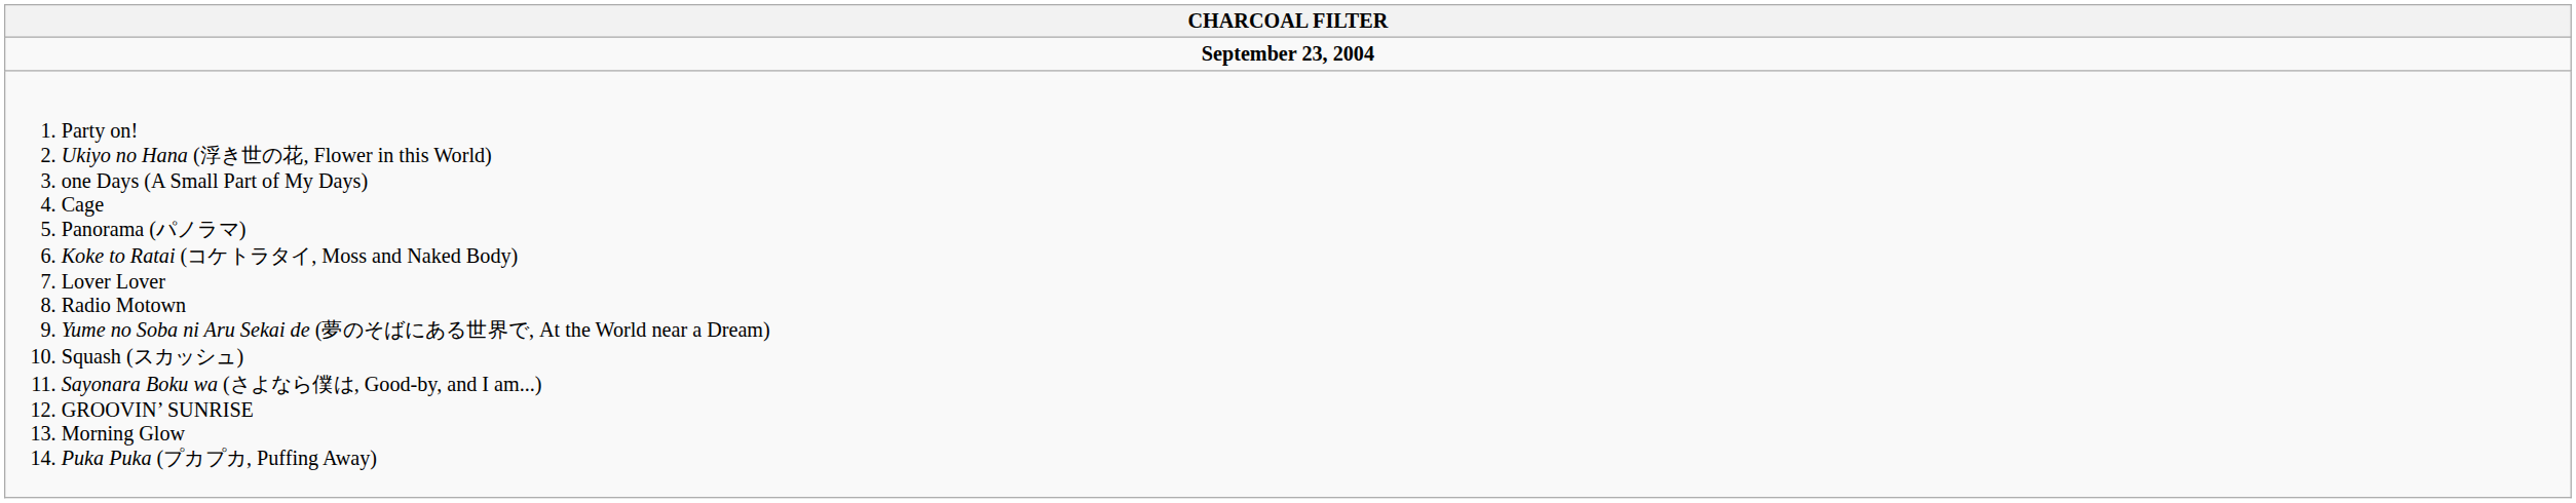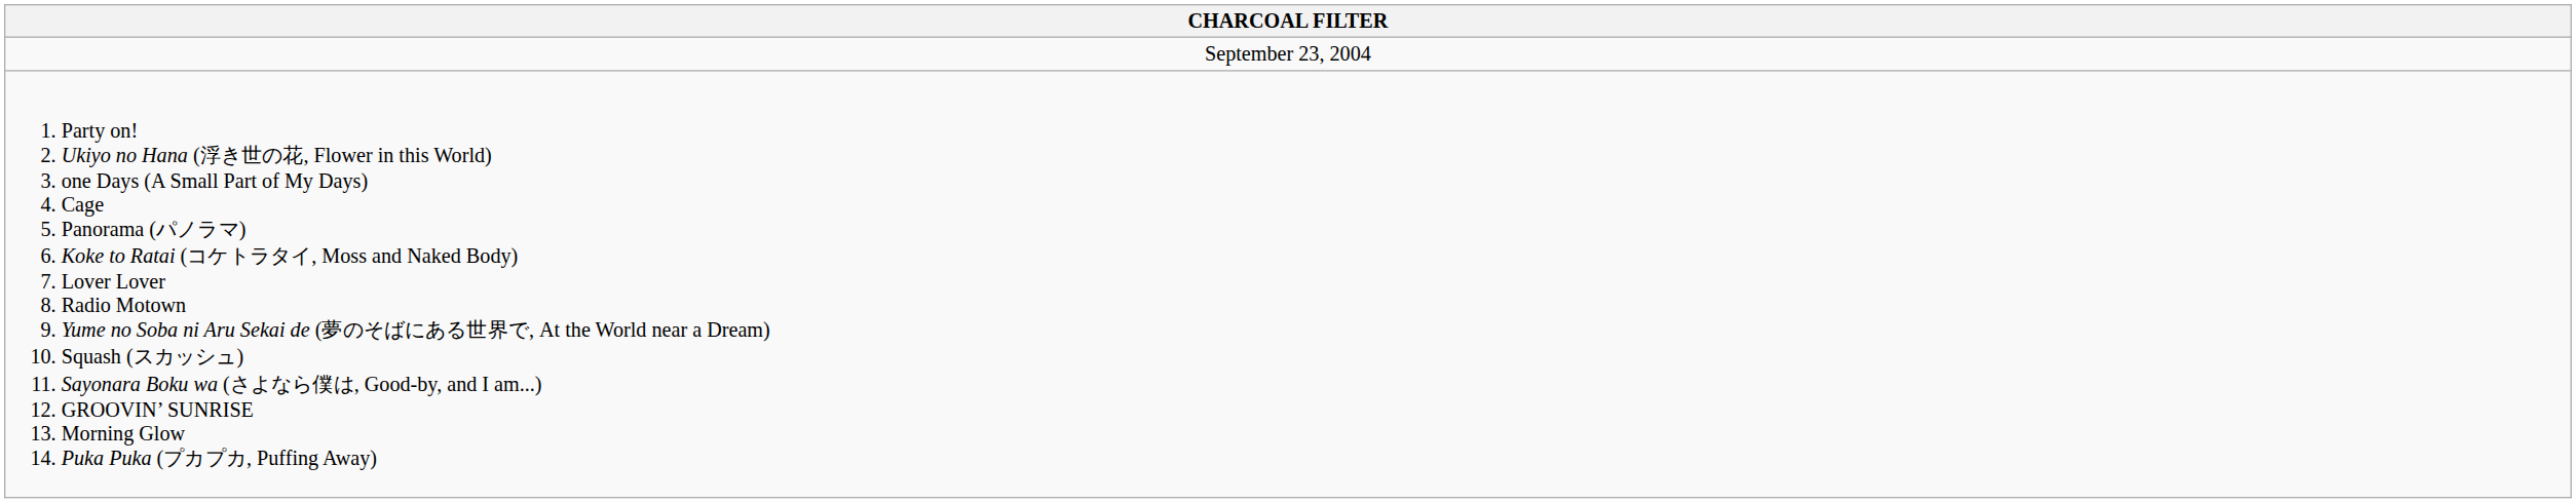 <table class="wikitable" style="width:100%">
 <tr>
 <th>CHARCOAL FILTER</th>
 </tr>
 <tr>
-<td style="text-align:center"><strong>September 23, 2004</strong></td>
+<td style="text-align:center">September 23, 2004</td>
 </tr>
 <tr>
 <td><br><ol><li>Party on!</li><li><em>Ukiyo no Hana</em> (浮き世の花, Flower in this World)</li><li>one Days (A Small Part of My Days)</li><li>Cage</li><li>Panorama (パノラマ)</li><li><em>Koke to Ratai</em> (コケトラタイ, Moss and Naked Body)</li><li>Lover Lover</li><li>Radio Motown</li><li><em>Yume no Soba ni Aru Sekai de</em> (夢のそばにある世界で, At the World near a Dream)</li><li>Squash (スカッシュ)</li><li><em>Sayonara Boku wa</em> (さよなら僕は, Good-by, and I am...)</li><li>GROOVIN’ SUNRISE</li><li>Morning Glow</li><li><em>Puka Puka</em> (プカプカ, Puffing Away)</li></ol></td>
 </tr>
 </table>
